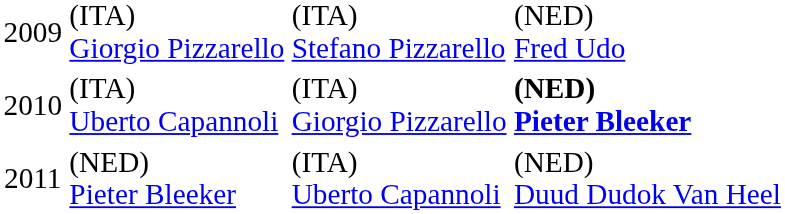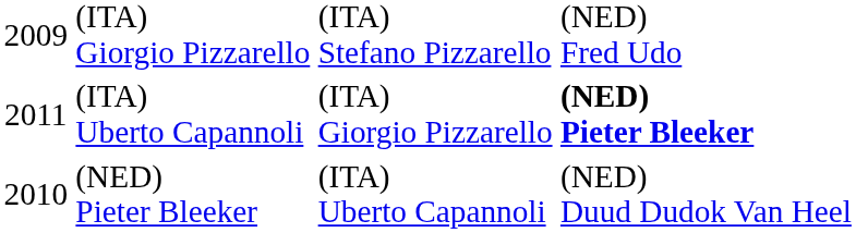 <table>
 <tr>
 <td align=center>2009</td>
 <td> (ITA)<br><a href='#'>Giorgio Pizzarello</a></td>
 <td> (ITA)<br><a href='#'>Stefano Pizzarello</a></td>
 <td> (NED)<br><a href='#'>Fred Udo</a></td>
 </tr>
 <tr>
-<td align=center>2010</td>
+<td align=center>2011</td>
 <td> (ITA)<br><a href='#'>Uberto Capannoli</a></td>
 <td> (ITA)<br><a href='#'>Giorgio Pizzarello</a></td>
 <td><strong> (NED)<br><a href='#'>Pieter Bleeker</a></strong></td>
 </tr>
 <tr>
-<td align=center>2011</td>
+<td align=center>2010</td>
 <td> (NED)<br><a href='#'>Pieter Bleeker</a></td>
 <td> (ITA)<br><a href='#'>Uberto Capannoli</a></td>
 <td> (NED)<br><a href='#'>Duud Dudok Van Heel</a></td>
 </tr>
 <tr>
 </tr>
 </table>
